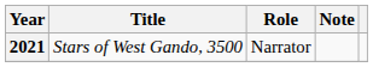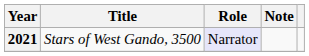 <table class="wikitable sortable plainrowheaders">
 <tr>
 <th scope="col">Year</th>
 <th scope="col">Title</th>
 <th scope="col">Role</th>
 <th scope="col" class="unsortable">Note</th>
 <th scope="col" class="unsortable"></th>
 </tr>
 <tr>
 <th scope="row">2021</th>
 <td><em>Stars of West Gando, 3500</em> </td>
-<td>Narrator</td>
+<td style="background: lavender;">Narrator</td>
 <td></td>
 <td style="text-align:center"></td>
 </tr>
 <tr>
 </tr>
 </table>
